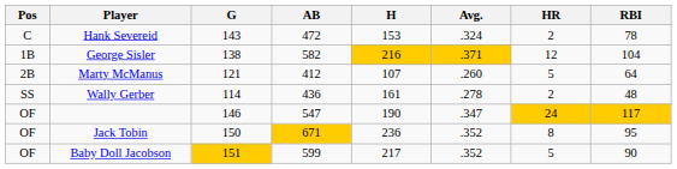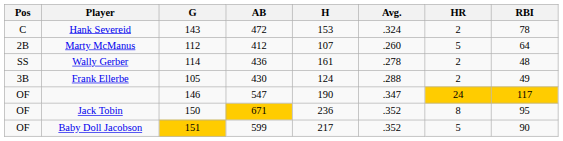 <table class="wikitable sortable">
 <tr>
 <th bgcolor="#DDDDFF" width="5%">Pos</th>
 <th bgcolor="#DDDDFF" width="16%">Player</th>
 <th bgcolor="#DDDDFF" width="9%">G</th>
 <th bgcolor="#DDDDFF" width="9%">AB</th>
 <th bgcolor="#DDDDFF" width="9%">H</th>
 <th bgcolor="#DDDDFF" width="9%">Avg.</th>
 <th bgcolor="#DDDDFF" width="9%">HR</th>
 <th bgcolor="#DDDDFF" width="9%">RBI</th>
 </tr>
 <tr align="center">
 <td>C</td>
 <td><a href='#'>Hank Severeid</a></td>
 <td>143</td>
 <td>472</td>
 <td>153</td>
 <td>.324</td>
 <td>2</td>
 <td>78</td>
 </tr>
 <tr align="center">
-<td>1B</td>
-<td><a href='#'>George Sisler</a></td>
-<td>138</td>
-<td>582</td>
-<td style="background:#fc0;">216</td>
-<td style="background:#fc0;">.371</td>
-<td>12</td>
-<td>104</td>
-</tr>
-<tr align="center">
 <td>2B</td>
 <td><a href='#'>Marty McManus</a></td>
-<td>121</td>
+<td>112</td>
 <td>412</td>
 <td>107</td>
 <td>.260</td>
 <td>5</td>
 <td>64</td>
 </tr>
 <tr align="center">
 <td>SS</td>
 <td><a href='#'>Wally Gerber</a></td>
 <td>114</td>
 <td>436</td>
 <td>161</td>
 <td>.278</td>
 <td>2</td>
 <td>48</td>
+</tr>
+<tr align="center">
+<td>3B</td>
+<td><a href='#'>Frank Ellerbe</a></td>
+<td>105</td>
+<td>430</td>
+<td>124</td>
+<td>.288</td>
+<td>2</td>
+<td>49</td>
 </tr>
 <tr align="center">
 <td>OF</td>
 <td></td>
 <td>146</td>
 <td>547</td>
 <td>190</td>
 <td>.347</td>
 <td style="background:#fc0;">24</td>
 <td style="background:#fc0;">117</td>
 </tr>
 <tr align="center">
 <td>OF</td>
 <td><a href='#'>Jack Tobin</a></td>
 <td>150</td>
 <td style="background:#fc0;">671</td>
 <td>236</td>
 <td>.352</td>
 <td>8</td>
 <td>95</td>
 </tr>
 <tr align="center">
 <td>OF</td>
 <td><a href='#'>Baby Doll Jacobson</a></td>
 <td style="background:#fc0;">151</td>
 <td>599</td>
 <td>217</td>
 <td>.352</td>
 <td>5</td>
 <td>90</td>
 </tr>
 </table>
